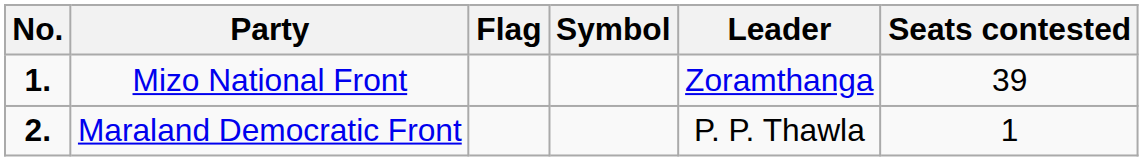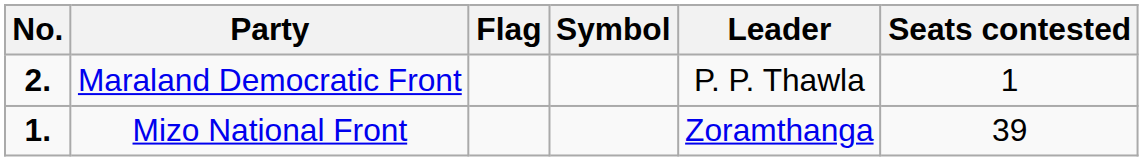 <table class="wikitable">
 <tr>
 <th>No.</th>
 <th>Party</th>
 <th>Flag</th>
 <th>Symbol</th>
 <th>Leader</th>
 <th>Seats contested</th>
 </tr>
 <tr>
+<td ! style="text-align:center; background:"><strong>2.</strong></td>
+<td style="text-align:center"><a href='#'>Maraland Democratic Front</a></td>
+<td></td>
+<td></td>
+<td style="text-align:center">P. P. Thawla</td>
+<td style="text-align:center">1</td>
+</tr>
+<tr>
 <td ! style="text-align:center; background:"><strong>1.</strong></td>
 <td style="text-align:center"><a href='#'>Mizo National Front</a></td>
 <td></td>
 <td></td>
 <td style="text-align:center"><a href='#'>Zoramthanga</a></td>
 <td style="text-align:center">39</td>
 </tr>
-<tr>
-<td ! style="text-align:center; background:"><strong>2.</strong></td>
-<td style="text-align:center"><a href='#'>Maraland Democratic Front</a></td>
-<td></td>
-<td></td>
-<td style="text-align:center">P. P. Thawla</td>
-<td style="text-align:center">1</td>
-</tr>
 </table>
